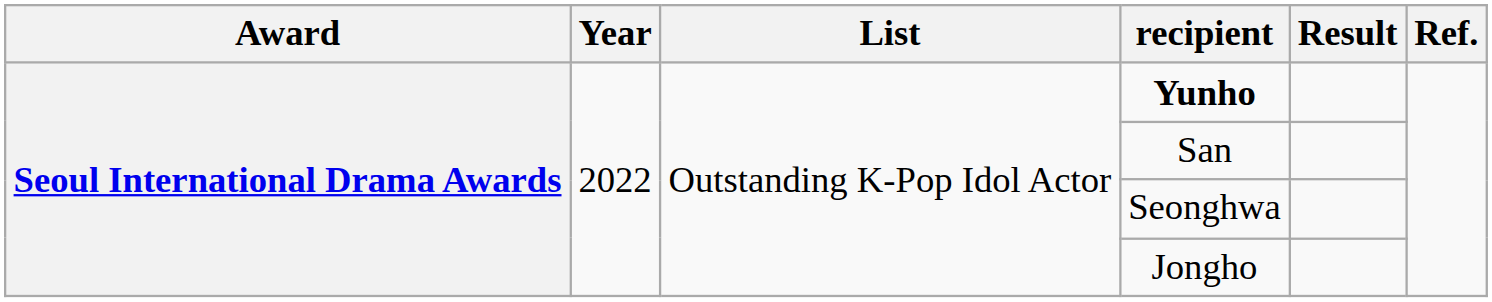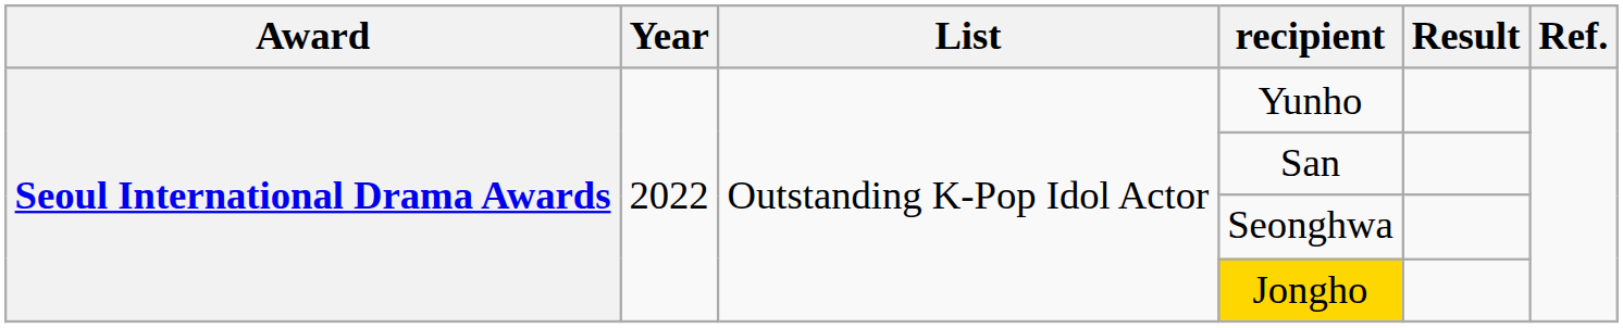 <table class="wikitable">
 <tr>
 <th>Award</th>
 <th>Year</th>
 <th>List</th>
 <th>recipient</th>
 <th>Result</th>
 <th>Ref.</th>
 </tr>
 <tr>
 <th rowspan="4" scope="row"><a href='#'>Seoul International Drama Awards</a></th>
 <td rowspan="4">2022</td>
 <td rowspan="4">Outstanding K-Pop Idol Actor</td>
-<td style="text-align:center;"><strong>Yunho</strong></td>
+<td style="text-align:center;">Yunho</td>
 <td></td>
 <td rowspan="4"></td>
 </tr>
 <tr>
 <td style="text-align:center;">San</td>
 <td></td>
 </tr>
 <tr>
 <td style="text-align:center;">Seonghwa</td>
 <td></td>
 </tr>
 <tr>
-<td style="text-align:center;">Jongho</td>
+<td style="background: gold; text-align:center;">Jongho</td>
 <td></td>
 </tr>
 </table>
